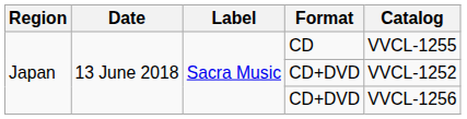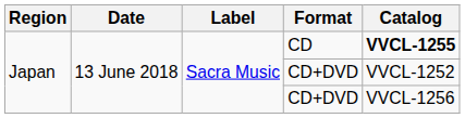 <table class="wikitable">
 <tr>
 <th>Region</th>
 <th>Date</th>
 <th>Label</th>
 <th>Format</th>
 <th>Catalog</th>
 </tr>
 <tr>
 <td rowspan="3">Japan</td>
 <td rowspan="3">13 June 2018</td>
 <td rowspan="3"><a href='#'>Sacra Music</a></td>
 <td>CD</td>
-<td>VVCL-1255</td>
+<td><strong>VVCL-1255</strong></td>
 </tr>
 <tr>
 <td>CD+DVD</td>
 <td>VVCL-1252</td>
 </tr>
 <tr>
 <td>CD+DVD</td>
 <td>VVCL-1256</td>
 </tr>
 </table>
